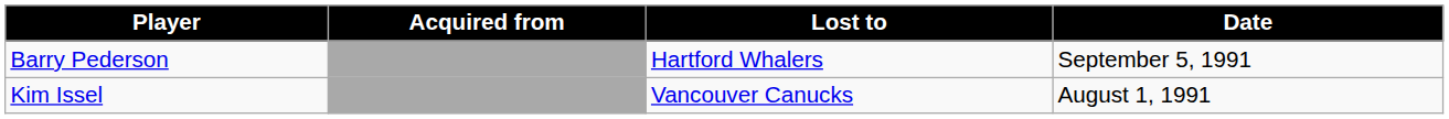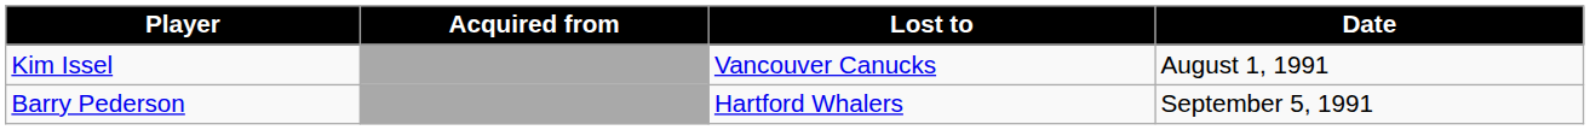 <table class="wikitable" style="width:80%;">
 <tr style="text-align:center; background:#ddd;">
 <th style="color:white; background:#000000; ">Player</th>
 <th style="color:white; background:#000000; ">Acquired from</th>
 <th style="color:white; background:#000000; ">Lost to</th>
 <th style="color:white; background:#000000; ">Date</th>
 </tr>
 <tr>
+<td><a href='#'>Kim Issel</a></td>
+<td style="background:darkgray;"></td>
+<td><a href='#'>Vancouver Canucks</a></td>
+<td>August 1, 1991</td>
+</tr>
+<tr>
 <td><a href='#'>Barry Pederson</a></td>
 <td style="background:darkgray;"></td>
 <td><a href='#'>Hartford Whalers</a></td>
 <td>September 5, 1991</td>
 </tr>
-<tr>
-<td><a href='#'>Kim Issel</a></td>
-<td style="background:darkgray;"></td>
-<td><a href='#'>Vancouver Canucks</a></td>
-<td>August 1, 1991</td>
-</tr>
 </table>
